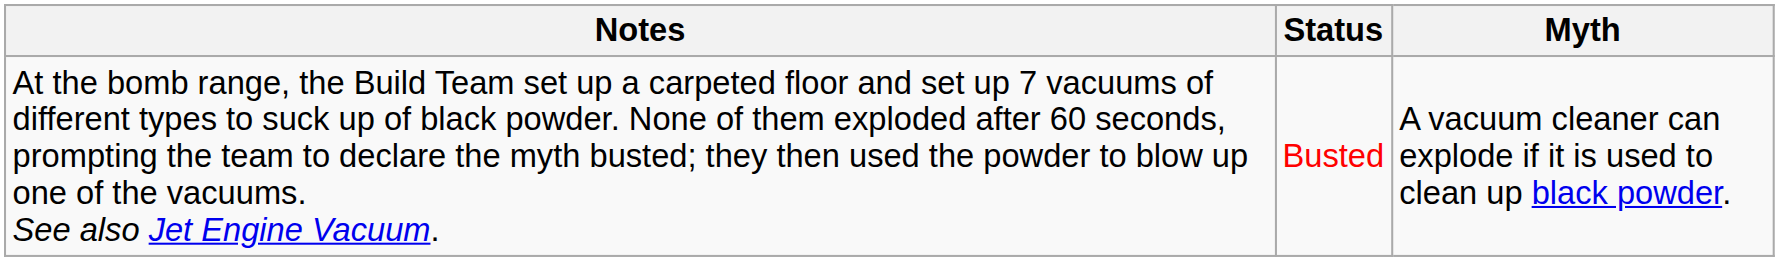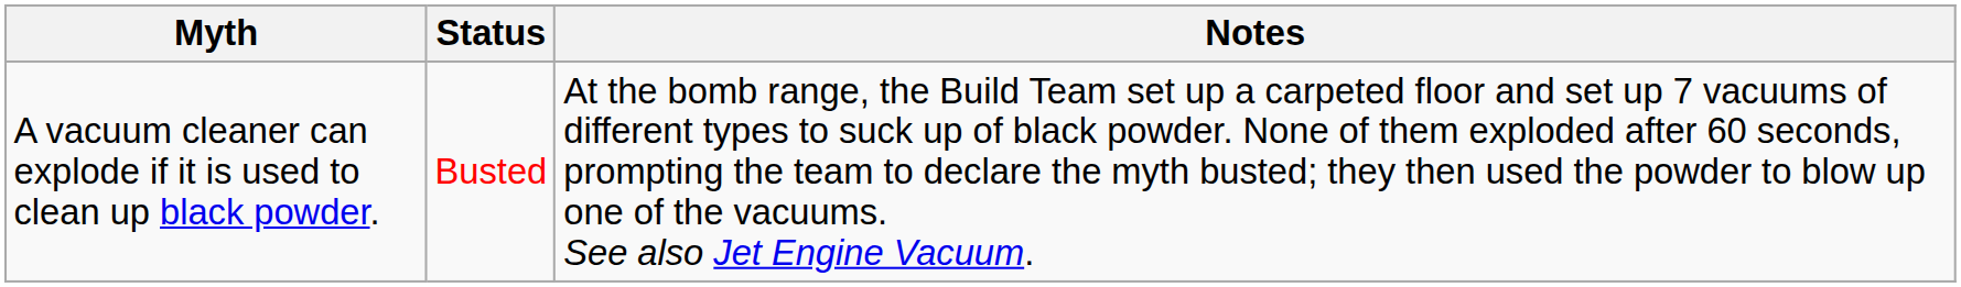 <table class="wikitable plainrowheaders">
 <tr>
+<th scope"col">Myth</th>
+<th scope"col">Status</th>
 <th scope"col">Notes</th>
-<th scope"col">Status</th>
-<th scope"col">Myth</th>
 </tr>
 <tr>
+<td scope"row">A vacuum cleaner can explode if it is used to clean up <a href='#'>black powder</a>.</td>
+<td style="color:red">Busted</td>
 <td>At the bomb range, the Build Team set up a carpeted floor and set up 7 vacuums of different types to suck up  of black powder. None of them exploded after 60 seconds, prompting the team to declare the myth busted; they then used the powder to blow up one of the vacuums.<br><em>See also</em> <em><a href='#'>Jet Engine Vacuum</a></em>.</td>
-<td style="color:red">Busted</td>
-<td scope"row">A vacuum cleaner can explode if it is used to clean up <a href='#'>black powder</a>.</td>
 </tr>
 </table>
